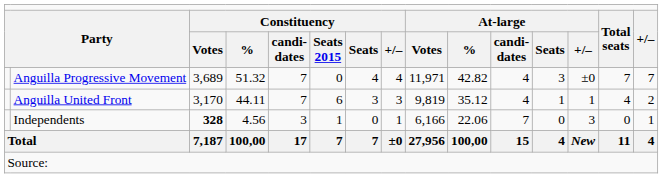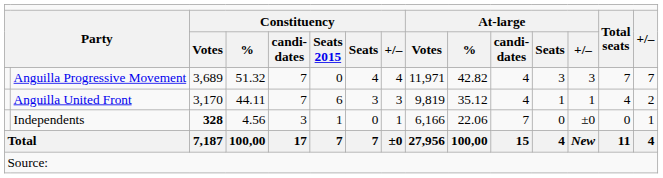 <table class="wikitable" style="text-align:right">
 <tr>
 <td colspan=15 align=center></td>
 </tr>
 <tr>
 <th colspan="2" rowspan="2">Party</th>
 <th colspan="6">Constituency</th>
 <th colspan="5">At-large</th>
 <th rowspan="2">Total<br>seats</th>
 <th rowspan="2">+/–</th>
 </tr>
 <tr>
 <th>Votes</th>
 <th>%</th>
 <th>candi-<br>dates</th>
 <th>Seats<br><a href='#'>2015</a></th>
 <th>Seats</th>
 <th>+/–</th>
 <th>Votes</th>
 <th>%</th>
 <th>candi-<br>dates</th>
 <th>Seats</th>
 <th>+/–</th>
 </tr>
 <tr>
 <td></td>
 <td align="left"><a href='#'>Anguilla Progressive Movement</a></td>
 <td>3,689</td>
 <td>51.32</td>
 <td>7</td>
 <td>0</td>
 <td>4</td>
 <td> 4</td>
 <td>11,971</td>
 <td>42.82</td>
 <td>4</td>
 <td>3</td>
-<td>±0</td>
+<td> 3</td>
 <td>7</td>
 <td> 7</td>
 </tr>
 <tr>
 <td></td>
 <td align="left"><a href='#'>Anguilla United Front</a></td>
 <td>3,170</td>
 <td>44.11</td>
 <td>7</td>
 <td>6</td>
 <td>3</td>
 <td> 3</td>
 <td>9,819</td>
 <td>35.12</td>
 <td>4</td>
 <td>1</td>
 <td> 1</td>
 <td>4</td>
 <td> 2</td>
 </tr>
 <tr>
 <td></td>
 <td align="left">Independents</td>
 <td><strong>328</strong></td>
 <td>4.56</td>
 <td>3</td>
 <td>1</td>
 <td>0</td>
 <td> 1</td>
 <td>6,166</td>
 <td>22.06</td>
 <td>7</td>
 <td>0</td>
-<td> 3</td>
+<td>±0</td>
 <td>0</td>
 <td> 1</td>
 </tr>
 <tr>
 <th colspan="2" style="text-align:left;">Total</th>
 <th style="text-align:right;">7,187</th>
 <th style="text-align:right;">100,00</th>
 <th style="text-align:right;">17</th>
 <th style="text-align:right;">7</th>
 <th style="text-align:right;">7</th>
 <th style="text-align:right;">±0</th>
 <th style="text-align:right;">27,956</th>
 <th style="text-align:right;">100,00</th>
 <th style="text-align:right;">15</th>
 <th style="text-align:right;">4</th>
 <th style="text-align:right;"><em>New</em></th>
 <th style="text-align:right;">11</th>
 <th style="text-align:right;"> 4</th>
 </tr>
 <tr>
 <td colspan="15" align="left">Source: </td>
 </tr>
 </table>
